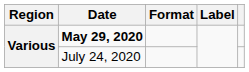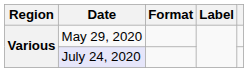 <table class="wikitable plainrowheaders">
 <tr>
 <th scope="col">Region</th>
 <th scope="col">Date</th>
 <th scope="col">Format</th>
 <th scope="col">Label</th>
 <th scope="col"></th>
 </tr>
 <tr>
 <th scope="row" rowspan="2">Various</th>
-<td><strong>May 29, 2020</strong></td>
+<td>May 29, 2020</td>
 <td></td>
 <td rowspan="2"></td>
 <td style="text-align:center;"></td>
 </tr>
 <tr>
-<td>July 24, 2020</td>
+<td style="background: lavender;">July 24, 2020</td>
 <td></td>
 <td style="text-align:center;"></td>
 </tr>
 </table>
